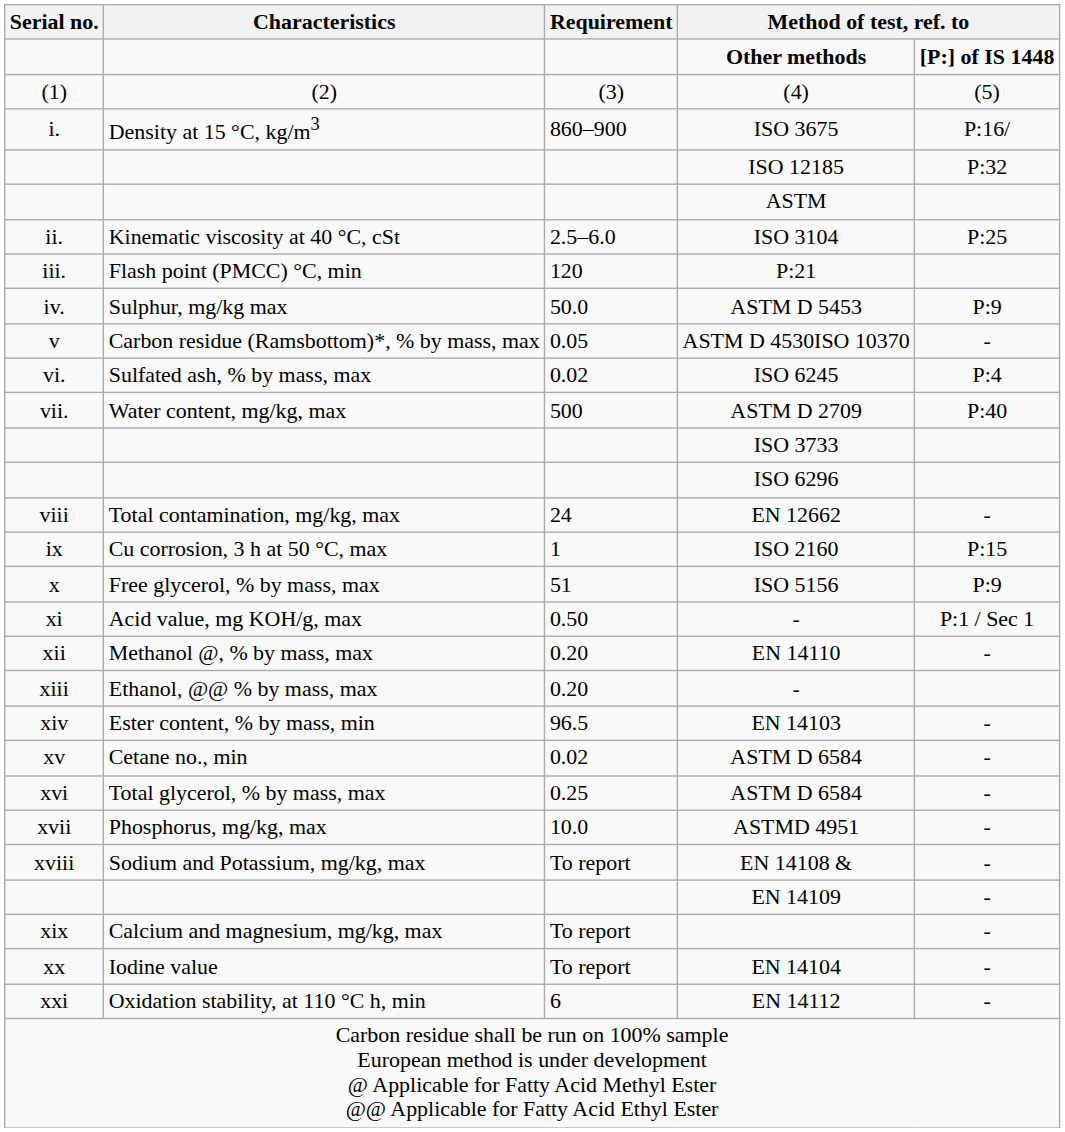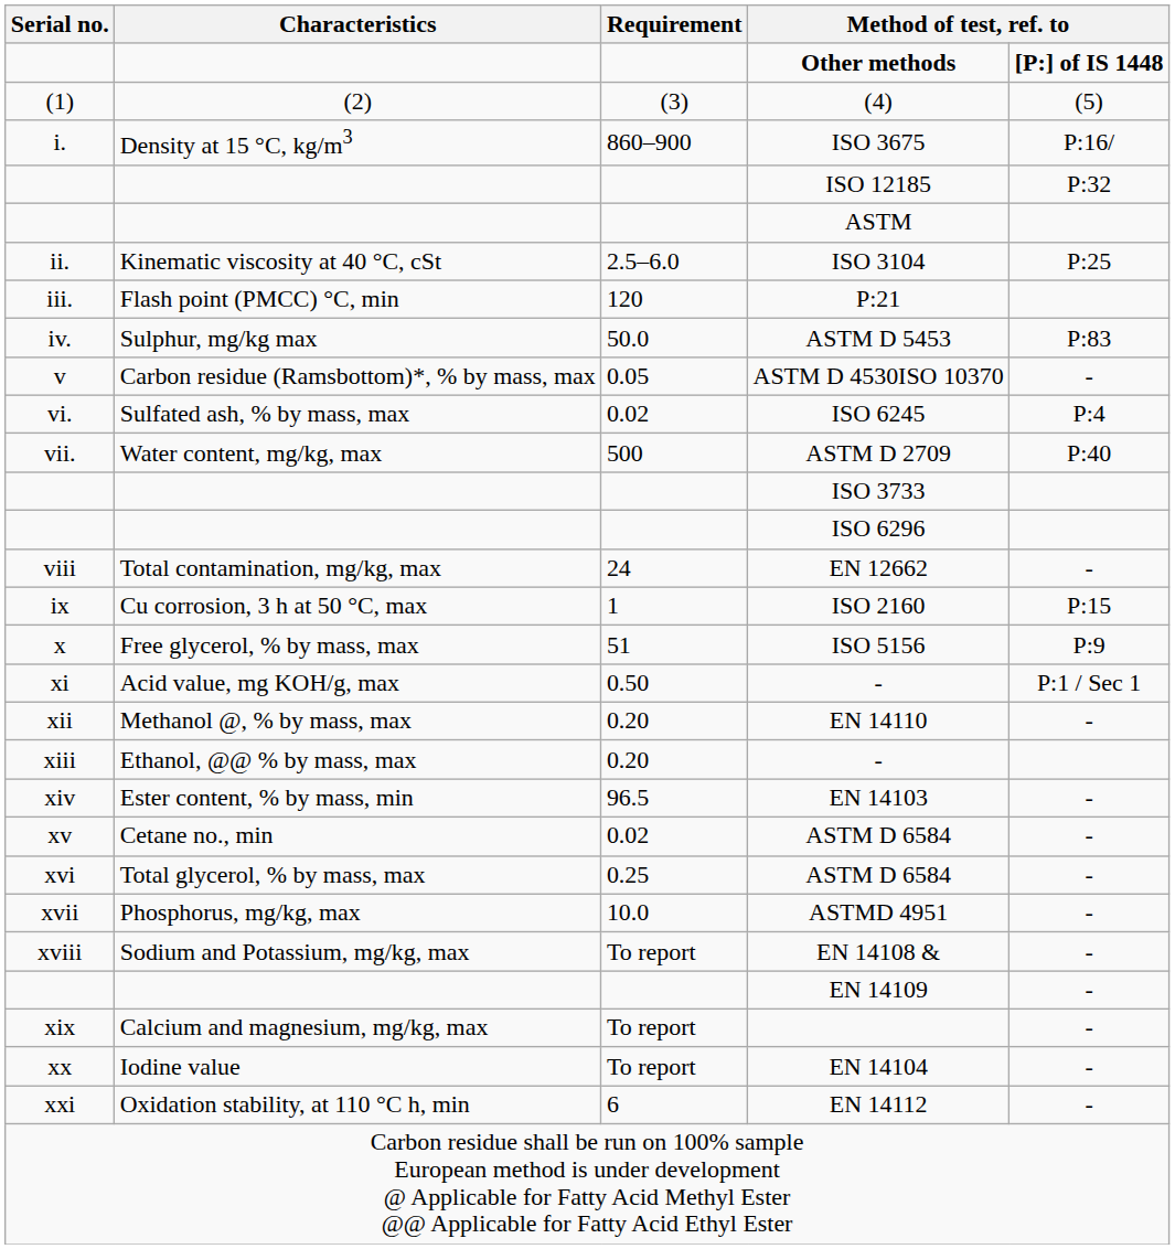 <table class="wikitable" style="text-align:center;">
 <tr>
 <th>Serial no.</th>
 <th>Characteristics</th>
 <th>Requirement</th>
 <th colspan="2">Method of test, ref. to</th>
 </tr>
 <tr>
 <td></td>
 <td> </td>
 <td> </td>
 <td><strong>Other methods</strong></td>
 <td><strong>[P:] of IS 1448</strong></td>
 </tr>
 <tr>
 <td>(1)</td>
 <td>(2)</td>
 <td>(3)</td>
 <td>(4)</td>
 <td>(5)</td>
 </tr>
 <tr>
 <td>i.</td>
 <td align=left>Density at 15 °C, kg/m<sup>3</sup></td>
 <td align=left>860–900</td>
 <td>ISO 3675</td>
 <td>P:16/</td>
 </tr>
 <tr>
 <td></td>
 <td> </td>
 <td> </td>
 <td>ISO 12185</td>
 <td>P:32</td>
 </tr>
 <tr>
 <td></td>
 <td> </td>
 <td> </td>
 <td>ASTM</td>
 <td></td>
 </tr>
 <tr>
 <td>ii.</td>
 <td align=left>Kinematic viscosity at 40 °C, cSt</td>
 <td align=left>2.5–6.0</td>
 <td>ISO 3104</td>
 <td>P:25</td>
 </tr>
 <tr>
 <td>iii.</td>
 <td align=left>Flash point (PMCC) °C, min</td>
 <td align=left>120</td>
 <td>P:21</td>
 <td></td>
 </tr>
 <tr>
 <td>iv.</td>
 <td align=left>Sulphur, mg/kg max</td>
 <td align=left>50.0</td>
 <td>ASTM D 5453</td>
-<td>P:9</td>
+<td>P:83</td>
 </tr>
 <tr>
 <td>v</td>
 <td align=left>Carbon residue (Ramsbottom)*, % by mass, max</td>
 <td align=left>0.05</td>
 <td>ASTM D 4530ISO 10370</td>
 <td>-</td>
 </tr>
 <tr>
 <td>vi.</td>
 <td align=left>Sulfated ash, % by mass, max</td>
 <td align=left>0.02</td>
 <td>ISO 6245</td>
 <td>P:4</td>
 </tr>
 <tr>
 <td>vii.</td>
 <td align=left>Water content, mg/kg, max</td>
 <td align=left>500</td>
 <td>ASTM D 2709</td>
 <td>P:40</td>
 </tr>
 <tr>
 <td></td>
 <td> </td>
 <td> </td>
 <td>ISO 3733</td>
 <td></td>
 </tr>
 <tr>
 <td></td>
 <td> </td>
 <td> </td>
 <td>ISO 6296</td>
 <td></td>
 </tr>
 <tr>
 <td>viii</td>
 <td align=left>Total contamination, mg/kg, max</td>
 <td align=left>24</td>
 <td>EN 12662</td>
 <td>-</td>
 </tr>
 <tr>
 <td>ix</td>
 <td align=left>Cu corrosion, 3 h at 50 °C, max</td>
 <td align=left>1</td>
 <td>ISO 2160</td>
 <td>P:15</td>
 </tr>
 <tr>
 <td>x</td>
 <td align=left>Free glycerol, % by mass, max</td>
 <td align=left>51</td>
 <td>ISO 5156</td>
 <td>P:9</td>
 </tr>
 <tr>
 <td>xi</td>
 <td align=left>Acid value, mg KOH/g, max</td>
 <td align=left>0.50</td>
 <td>-</td>
 <td>P:1 / Sec 1</td>
 </tr>
 <tr>
 <td>xii</td>
 <td align=left>Methanol @, % by mass, max</td>
 <td align=left>0.20</td>
 <td>EN 14110</td>
 <td>-</td>
 </tr>
 <tr>
 <td>xiii</td>
 <td align=left>Ethanol, @@ % by mass, max</td>
 <td align=left>0.20</td>
 <td>-</td>
 <td></td>
 </tr>
 <tr>
 <td>xiv</td>
 <td align=left>Ester content, % by mass, min</td>
 <td align=left>96.5</td>
 <td>EN 14103</td>
 <td>-</td>
 </tr>
 <tr>
 <td>xv</td>
 <td align=left>Cetane no., min</td>
 <td align=left>0.02</td>
 <td>ASTM D 6584</td>
 <td>-</td>
 </tr>
 <tr>
 <td>xvi</td>
 <td align=left>Total glycerol, % by mass, max</td>
 <td align=left>0.25</td>
 <td>ASTM D 6584</td>
 <td>-</td>
 </tr>
 <tr>
 <td>xvii</td>
 <td align=left>Phosphorus, mg/kg, max</td>
 <td align=left>10.0</td>
 <td>ASTMD 4951</td>
 <td>-</td>
 </tr>
 <tr>
 <td>xviii</td>
 <td align=left>Sodium and Potassium, mg/kg, max</td>
 <td align=left>To report</td>
 <td>EN 14108 &</td>
 <td>-</td>
 </tr>
 <tr>
 <td> </td>
 <td> </td>
 <td> </td>
 <td>EN 14109</td>
 <td>-</td>
 </tr>
 <tr>
 <td>xix</td>
 <td align=left>Calcium and magnesium, mg/kg, max</td>
 <td align=left>To report</td>
 <td></td>
 <td>-</td>
 </tr>
 <tr>
 <td>xx</td>
 <td align=left>Iodine value</td>
 <td align=left>To report</td>
 <td>EN 14104</td>
 <td>-</td>
 </tr>
 <tr>
 <td>xxi</td>
 <td align=left>Oxidation stability, at 110 °C h, min</td>
 <td align=left>6</td>
 <td>EN 14112</td>
 <td>-</td>
 </tr>
 <tr>
 <td colspan="5"> Carbon residue shall be run on 100% sample<br> European method is under development<br> @ Applicable for Fatty Acid Methyl Ester<br> @@ Applicable for Fatty Acid Ethyl Ester</td>
 </tr>
 </table>
